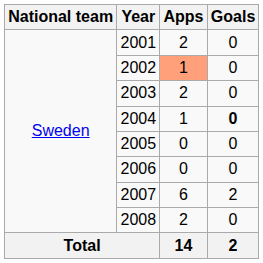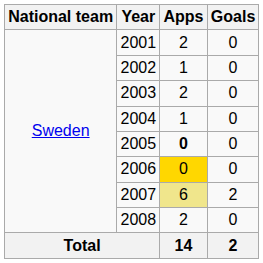 <table class="wikitable" style="text-align:center">
 <tr>
 <th>National team</th>
 <th>Year</th>
 <th>Apps</th>
 <th>Goals</th>
 </tr>
 <tr>
 <td rowspan="8"><a href='#'>Sweden</a></td>
 <td>2001</td>
 <td>2</td>
 <td>0</td>
 </tr>
 <tr>
 <td>2002</td>
-<td style="background: lightsalmon;">1</td>
+<td>1</td>
 <td>0</td>
 </tr>
 <tr>
 <td>2003</td>
 <td>2</td>
 <td>0</td>
 </tr>
 <tr>
 <td>2004</td>
 <td>1</td>
-<td><strong>0</strong></td>
+<td>0</td>
 </tr>
 <tr>
 <td>2005</td>
-<td>0</td>
+<td><strong>0</strong></td>
 <td>0</td>
 </tr>
 <tr>
 <td>2006</td>
-<td>0</td>
+<td style="background: gold;">0</td>
 <td>0</td>
 </tr>
 <tr>
 <td>2007</td>
-<td>6</td>
+<td style="background: khaki;">6</td>
 <td>2</td>
 </tr>
 <tr>
 <td>2008</td>
 <td>2</td>
 <td>0</td>
 </tr>
 <tr>
 <th colspan="2">Total</th>
 <th>14</th>
 <th>2</th>
 </tr>
 </table>
